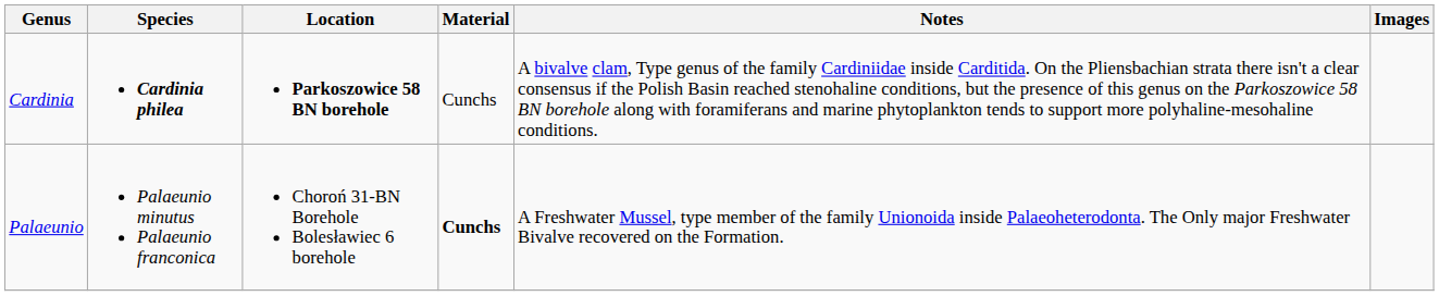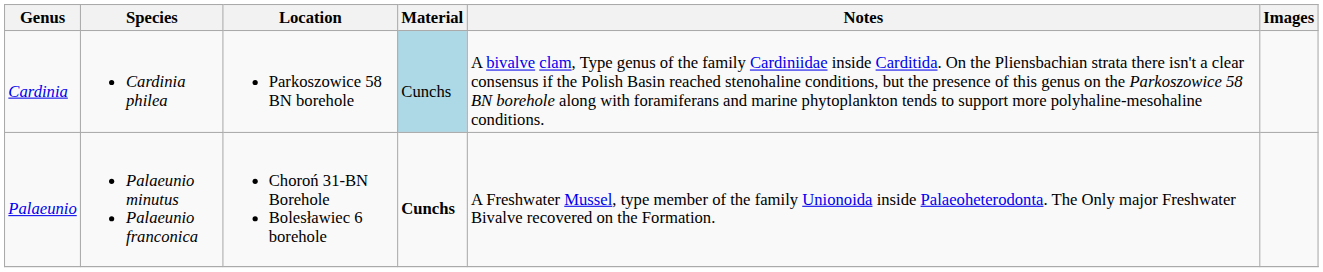 <table class="wikitable" align="center" width="100%">
 <tr>
 <th>Genus</th>
 <th>Species</th>
 <th>Location</th>
 <th>Material</th>
 <th>Notes</th>
 <th>Images</th>
 </tr>
 <tr>
 <td><br><em><a href='#'>Cardinia</a></em></td>
-<td><strong><br><ul><li><em>Cardinia philea</em></li></ul></strong></td>
-<td><strong><br><ul><li>Parkoszowice 58 BN borehole</li></ul></strong></td>
-<td><br>Cunchs </td>
+<td><br><ul><li><em>Cardinia philea</em></li></ul></td>
+<td><br><ul><li>Parkoszowice 58 BN borehole</li></ul></td>
+<td style="background: lightblue;"><br>Cunchs </td>
 <td><br>A <a href='#'>bivalve</a> <a href='#'>clam</a>, Type genus of the family <a href='#'>Cardiniidae</a> inside <a href='#'>Carditida</a>. On the Pliensbachian strata there isn't a clear consensus if the Polish Basin reached stenohaline conditions, but the presence of this genus on the <em>Parkoszowice 58 BN borehole</em> along with foramiferans and marine phytoplankton tends to support more polyhaline-mesohaline conditions.</td>
 <td></td>
 </tr>
 <tr>
 <td><br><em><a href='#'>Palaeunio</a></em></td>
 <td><br><ul><li><em>Palaeunio minutus</em></li><li><em>Palaeunio franconica</em></li></ul></td>
 <td><br><ul><li>Choroń 31-BN Borehole</li><li>Bolesławiec 6 borehole</li></ul></td>
 <td><strong><br>Cunchs </strong></td>
 <td><br>A Freshwater <a href='#'>Mussel</a>, type member of the family <a href='#'>Unionoida</a> inside <a href='#'>Palaeoheterodonta</a>. The Only major Freshwater Bivalve recovered on the Formation.</td>
 <td><br></td>
 </tr>
 <tr>
 </tr>
 </table>
